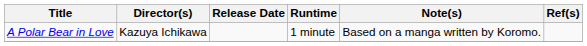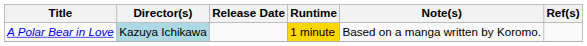 <table class="wikitable sortable">
 <tr>
 <th scope="col">Title</th>
 <th scope="col">Director(s)</th>
 <th scope="col">Release Date</th>
 <th scope="col">Runtime</th>
 <th scope="col" class="unsortable">Note(s)</th>
 <th scope="col" class="unsortable">Ref(s)</th>
 </tr>
 <tr>
 <td><em><a href='#'>A Polar Bear in Love</a></em></td>
-<td>Kazuya Ichikawa</td>
+<td style="background: lightblue;">Kazuya Ichikawa</td>
 <td></td>
-<td>1 minute</td>
+<td style="background: gold;">1 minute</td>
 <td>Based on a manga written by Koromo.</td>
 <td style="text-align:center"></td>
 </tr>
 <tr>
 </tr>
 </table>
